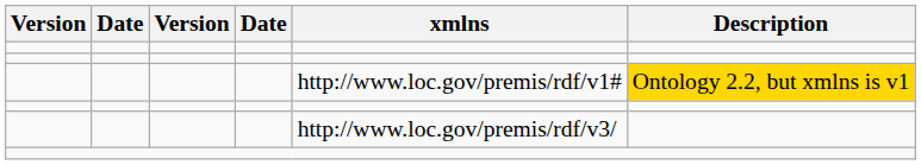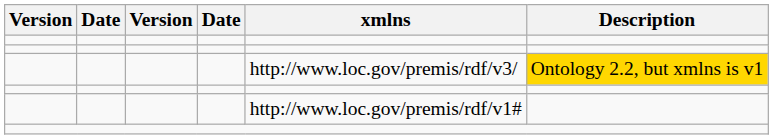 <table class="wikitable sortable">
 <tr>
 <th> Version</th>
 <th> Date</th>
 <th> Version</th>
 <th> Date</th>
 <th> xmlns</th>
 <th>Description</th>
 </tr>
 <tr>
 <td></td>
 <td></td>
 <td></td>
 <td></td>
 <td></td>
 <td></td>
 </tr>
 <tr>
 <td></td>
 <td></td>
 <td></td>
 <td></td>
 <td></td>
 <td></td>
 </tr>
 <tr>
 <td></td>
 <td></td>
 <td></td>
 <td> </td>
-<td>http://www.loc.gov/premis/rdf/v1#</td>
+<td>http://www.loc.gov/premis/rdf/v3/ </td>
 <td style="background: gold;">Ontology 2.2, but xmlns is v1</td>
 </tr>
 <tr>
 <td></td>
 <td> </td>
 <td></td>
 <td></td>
 <td></td>
 <td></td>
 </tr>
 <tr>
 <td></td>
 <td> <br> </td>
 <td></td>
 <td></td>
-<td>http://www.loc.gov/premis/rdf/v3/ </td>
+<td>http://www.loc.gov/premis/rdf/v1#</td>
 <td></td>
 </tr>
 <tr>
 <td colspan=6></td>
 </tr>
 </table>
